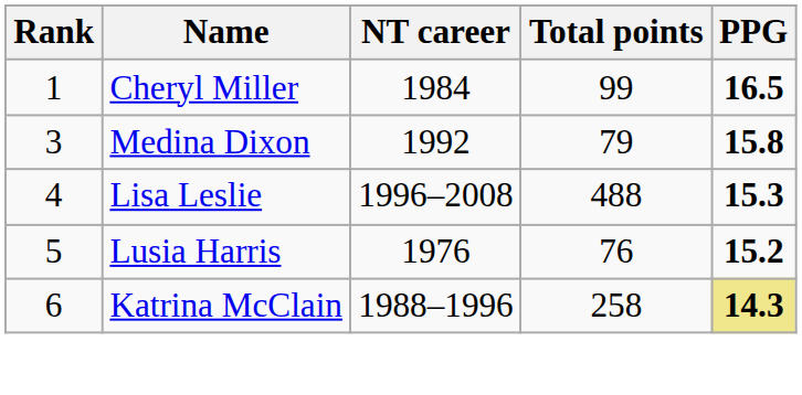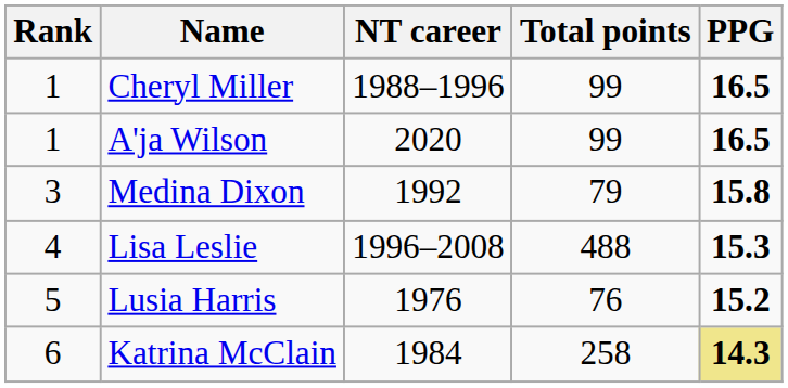 <table class="wikitable sortable" style="text-align:center;">
 <tr>
 <th>Rank</th>
 <th class="unsortable">Name</th>
 <th class="unsortable">NT career</th>
 <th>Total points</th>
 <th>PPG</th>
 </tr>
 <tr>
 <td>1</td>
 <td style="text-align: left;"><a href='#'>Cheryl Miller</a></td>
-<td>1984</td>
+<td>1988–1996</td>
+<td>99</td>
+<td><strong>16.5</strong></td>
+</tr>
+<tr>
+<td>1</td>
+<td style="text-align: left;"><a href='#'>A'ja Wilson</a></td>
+<td>2020</td>
 <td>99</td>
 <td><strong>16.5</strong></td>
 </tr>
 <tr>
 <td>3</td>
 <td style="text-align: left;"><a href='#'>Medina Dixon</a></td>
 <td>1992</td>
 <td>79</td>
 <td><strong>15.8</strong></td>
 </tr>
 <tr>
 <td>4</td>
 <td style="text-align: left;"><a href='#'>Lisa Leslie</a></td>
 <td>1996–2008</td>
 <td>488</td>
 <td><strong>15.3</strong></td>
 </tr>
 <tr>
 <td>5</td>
 <td style="text-align: left;"><a href='#'>Lusia Harris</a></td>
 <td>1976</td>
 <td>76</td>
 <td><strong>15.2</strong></td>
 </tr>
 <tr>
 <td>6</td>
 <td style="text-align: left;"><a href='#'>Katrina McClain</a></td>
-<td>1988–1996</td>
+<td>1984</td>
 <td>258</td>
 <td style="background: khaki;"><strong>14.3</strong></td>
 </tr>
 </table>
